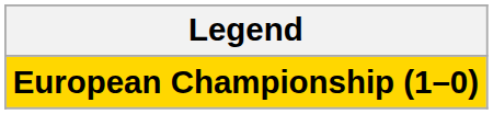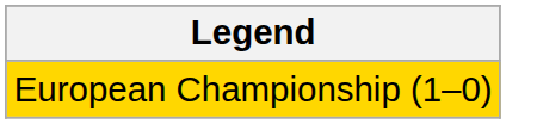 <table class="wikitable">
 <tr>
 <th>Legend</th>
 </tr>
 <tr style="background:gold;">
-<td><strong>European Championship (1–0)</strong></td>
+<td>European Championship (1–0)</td>
 </tr>
 </table>
